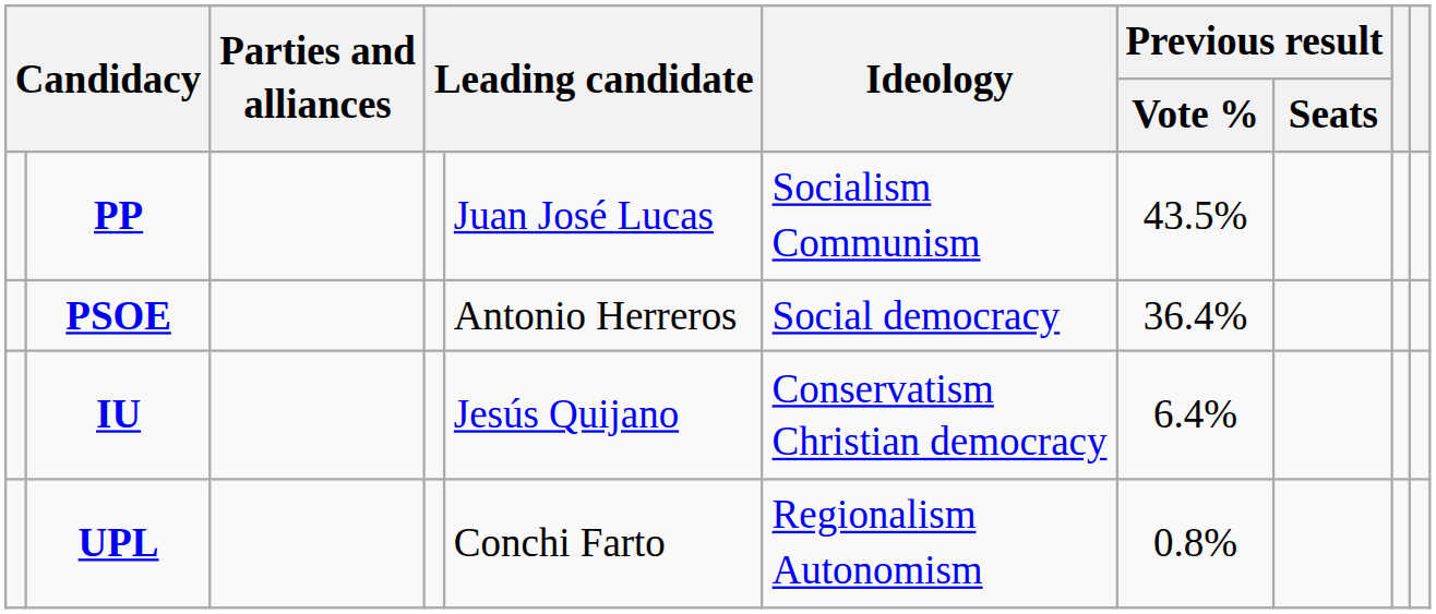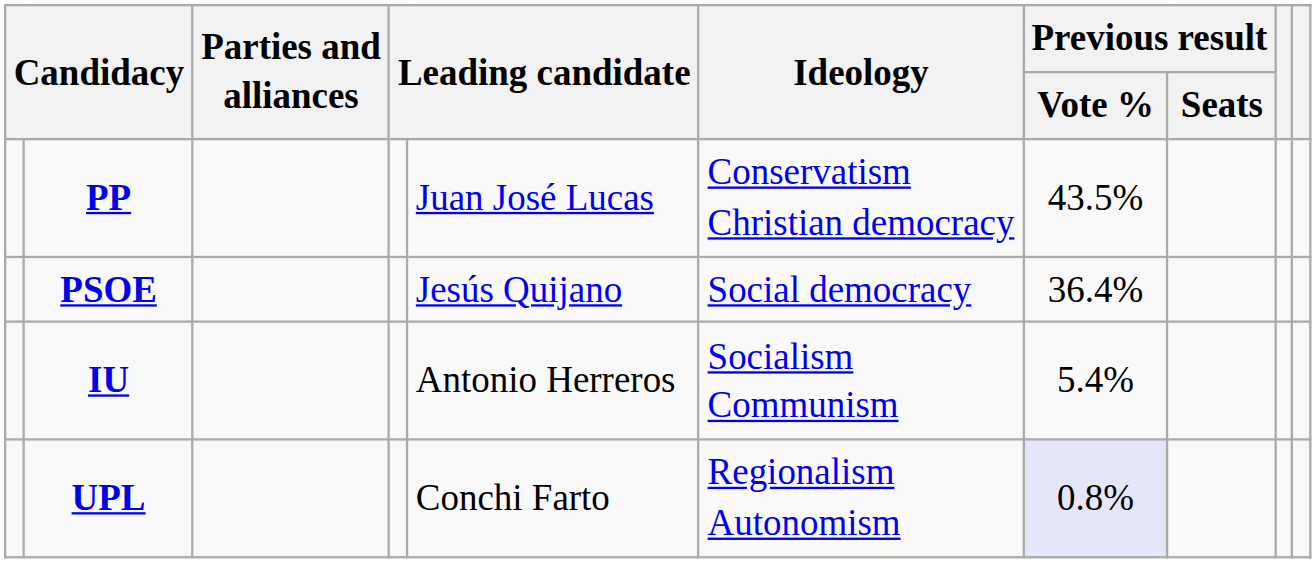 <table class="wikitable" style="line-height:1.35em; text-align:left;">
 <tr>
 <th colspan="2" rowspan="2">Candidacy</th>
 <th rowspan="2">Parties and<br>alliances</th>
 <th colspan="2" rowspan="2">Leading candidate</th>
 <th rowspan="2">Ideology</th>
 <th colspan="2">Previous result</th>
 <th rowspan="2"></th>
 <th rowspan="2"></th>
 </tr>
 <tr>
 <th>Vote %</th>
 <th>Seats</th>
 </tr>
 <tr>
 <td width="1" style="color:inherit;background:"></td>
 <td align="center"><strong><a href='#'>PP</a></strong></td>
 <td></td>
 <td></td>
 <td><a href='#'>Juan José Lucas</a></td>
-<td><a href='#'>Socialism</a><br><a href='#'>Communism</a></td>
+<td><a href='#'>Conservatism</a><br><a href='#'>Christian democracy</a></td>
 <td align="center">43.5%</td>
 <td></td>
 <td></td>
 <td></td>
 </tr>
 <tr>
 <td style="color:inherit;background:"></td>
 <td align="center"><strong><a href='#'>PSOE</a></strong></td>
 <td></td>
 <td></td>
-<td>Antonio Herreros</td>
+<td><a href='#'>Jesús Quijano</a></td>
 <td><a href='#'>Social democracy</a></td>
 <td align="center">36.4%</td>
 <td></td>
 <td></td>
 <td></td>
 </tr>
 <tr>
 <td style="color:inherit;background:"></td>
 <td align="center"><strong><a href='#'>IU</a></strong></td>
 <td></td>
 <td></td>
-<td><a href='#'>Jesús Quijano</a></td>
-<td><a href='#'>Conservatism</a><br><a href='#'>Christian democracy</a></td>
-<td align="center">6.4%</td>
+<td>Antonio Herreros</td>
+<td><a href='#'>Socialism</a><br><a href='#'>Communism</a></td>
+<td align="center">5.4%</td>
 <td></td>
 <td></td>
 <td></td>
 </tr>
 <tr>
 <td style="color:inherit;background:"></td>
 <td align="center"><strong><a href='#'>UPL</a></strong></td>
 <td></td>
 <td></td>
 <td>Conchi Farto</td>
 <td><a href='#'>Regionalism</a><br><a href='#'>Autonomism</a></td>
-<td align="center">0.8%</td>
+<td align="center" style="background: lavender;">0.8%</td>
 <td></td>
 <td></td>
 <td></td>
 </tr>
 </table>
